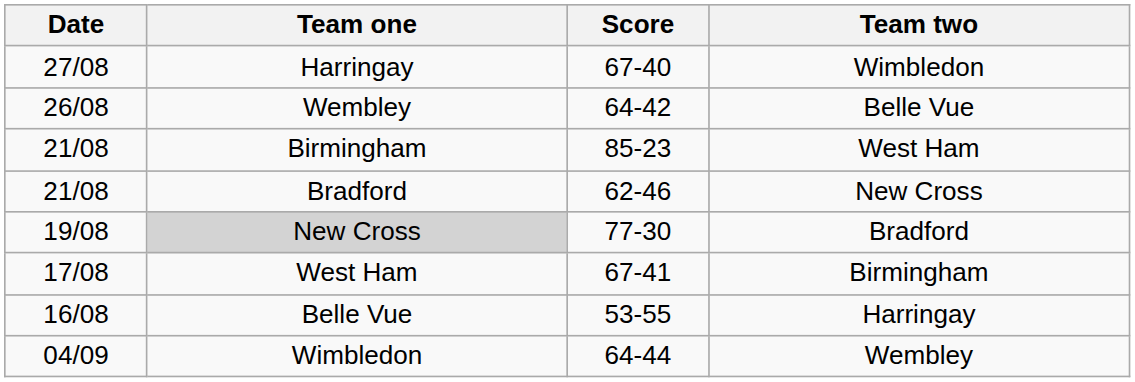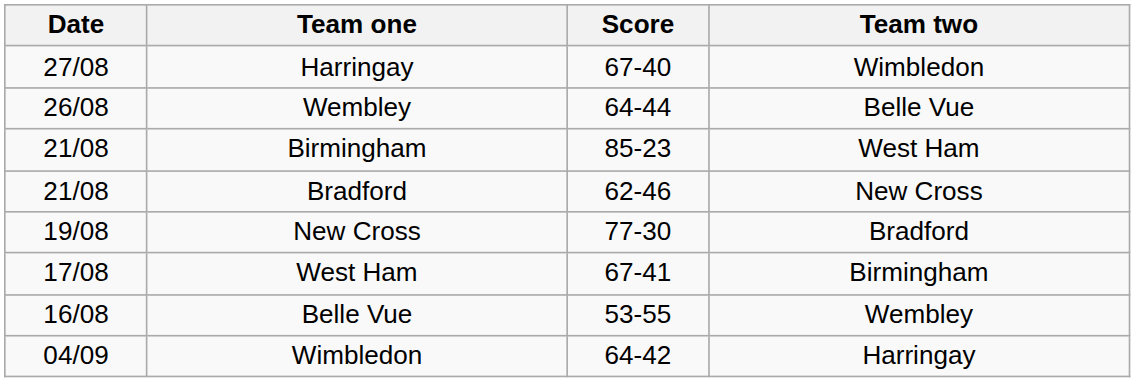 <table class="wikitable" style="text-align: center">
 <tr>
 <th width=80>Date</th>
 <th width=250>Team one</th>
 <th width=80>Score</th>
 <th width=250>Team two</th>
 </tr>
 <tr>
 <td>27/08</td>
 <td>Harringay</td>
 <td>67-40</td>
 <td>Wimbledon</td>
 </tr>
 <tr>
 <td>26/08</td>
 <td>Wembley</td>
-<td>64-42</td>
+<td>64-44</td>
 <td>Belle Vue</td>
 </tr>
 <tr>
 <td>21/08</td>
 <td>Birmingham</td>
 <td>85-23</td>
 <td>West Ham</td>
 </tr>
 <tr>
 <td>21/08</td>
 <td>Bradford</td>
 <td>62-46</td>
 <td>New Cross</td>
 </tr>
 <tr>
 <td>19/08</td>
-<td style="background: lightgrey;">New Cross</td>
+<td>New Cross</td>
 <td>77-30</td>
 <td>Bradford</td>
 </tr>
 <tr>
 <td>17/08</td>
 <td>West Ham</td>
 <td>67-41</td>
 <td>Birmingham</td>
 </tr>
 <tr>
 <td>16/08</td>
 <td>Belle Vue</td>
 <td>53-55</td>
-<td>Harringay</td>
+<td>Wembley</td>
 </tr>
 <tr>
 <td>04/09</td>
 <td>Wimbledon</td>
-<td>64-44</td>
-<td>Wembley</td>
+<td>64-42</td>
+<td>Harringay</td>
 </tr>
 </table>
